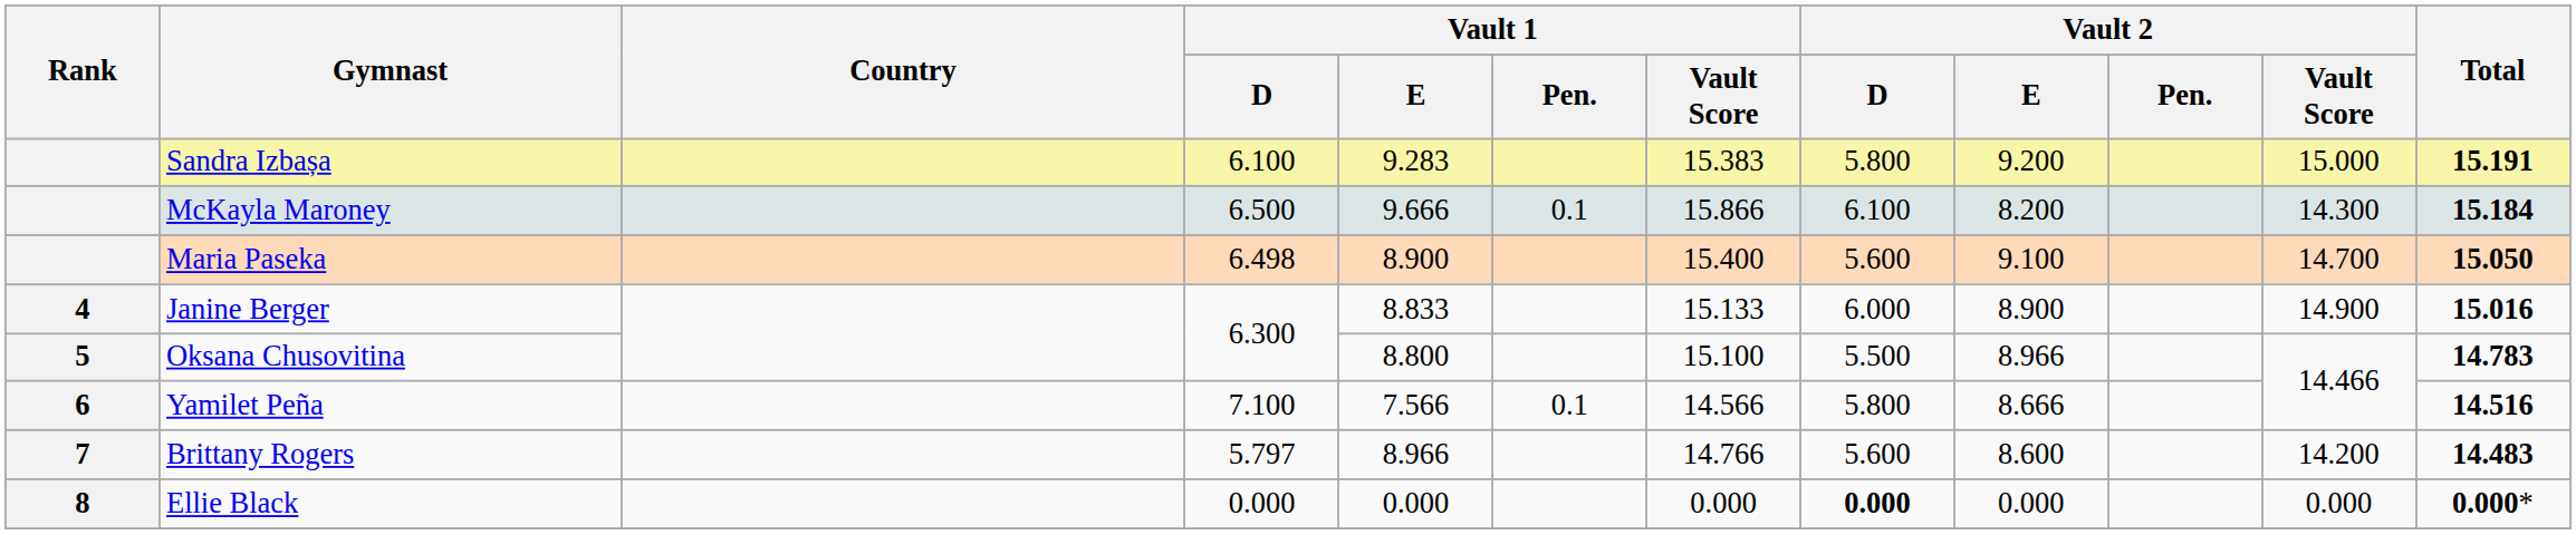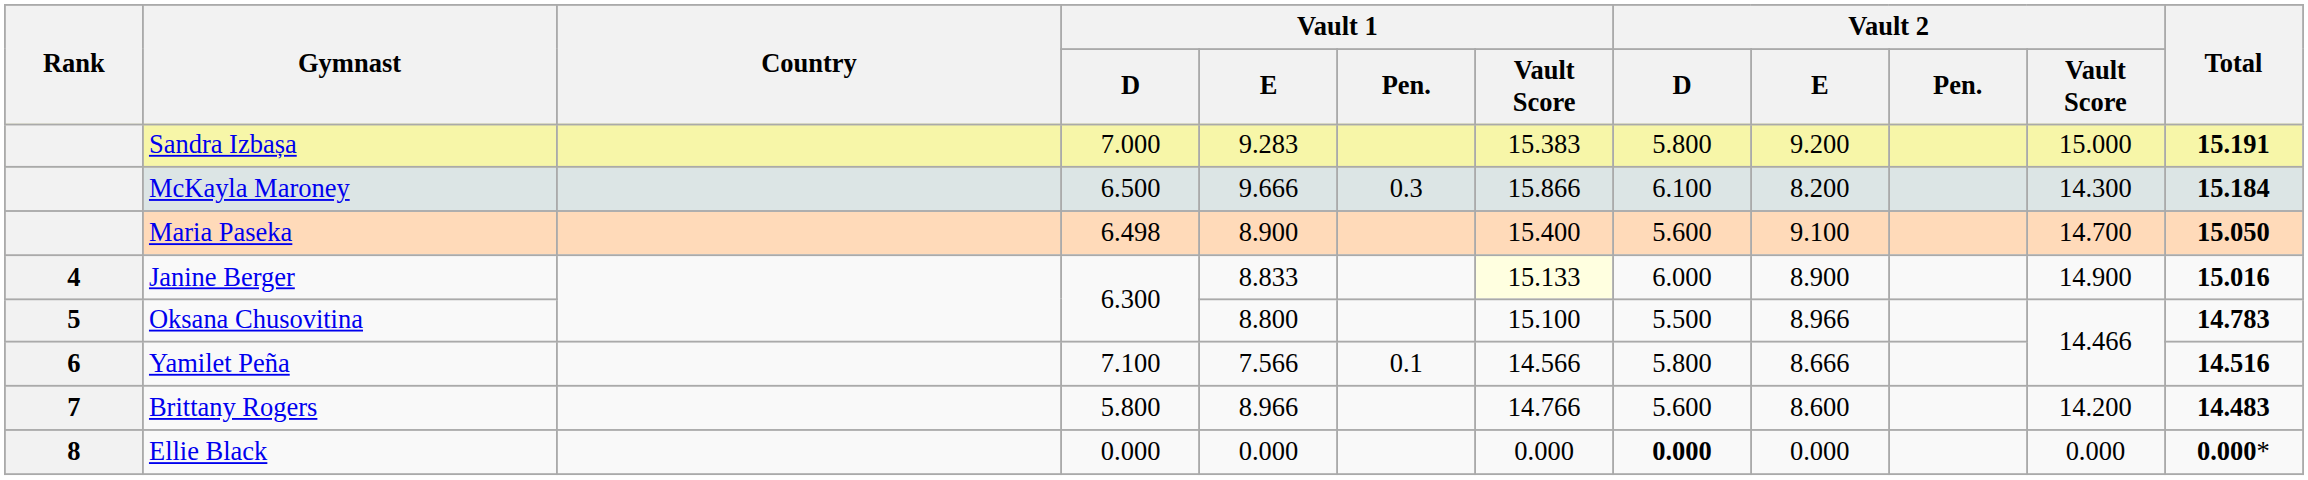 <table class="wikitable sortable" style="text-align:center; font-size:90%;">
 <tr>
 <th rowspan="2" width="6%">Rank</th>
 <th rowspan="2" width="18%">Gymnast</th>
 <th rowspan="2" width="22%">Country</th>
 <th colspan="4" width="24%">Vault 1</th>
 <th colspan="4" width="24%">Vault 2</th>
 <th rowspan="2" width="6%">Total</th>
 </tr>
 <tr>
 <th width="6%">D</th>
 <th width="6%">E</th>
 <th class="unsortable" width="6%">Pen.</th>
 <th width="6%">Vault Score</th>
 <th width="6%">D</th>
 <th width="6%">E</th>
 <th class="unsortable" width="6%">Pen.</th>
 <th width="6%">Vault Score</th>
 </tr>
 <tr style="background:#F7F6A8;">
 <th></th>
 <td align="left"><a href='#'>Sandra Izbașa</a></td>
 <td align="left"></td>
-<td>6.100</td>
+<td>7.000</td>
 <td>9.283</td>
 <td></td>
 <td>15.383</td>
 <td>5.800</td>
 <td>9.200</td>
 <td></td>
 <td>15.000</td>
 <td><strong>15.191</strong></td>
 </tr>
 <tr style="background:#DCE5E5;">
 <th></th>
 <td align="left"><a href='#'>McKayla Maroney</a></td>
 <td align="left"></td>
 <td>6.500</td>
 <td>9.666</td>
-<td>0.1</td>
+<td>0.3</td>
 <td>15.866</td>
 <td>6.100</td>
 <td>8.200</td>
 <td></td>
 <td>14.300</td>
 <td><strong>15.184</strong></td>
 </tr>
 <tr style="background:#FFDAB9;">
 <th></th>
 <td align="left"><a href='#'>Maria Paseka</a></td>
 <td align="left"></td>
 <td>6.498</td>
 <td>8.900</td>
 <td></td>
 <td>15.400</td>
 <td>5.600</td>
 <td>9.100</td>
 <td></td>
 <td>14.700</td>
 <td><strong>15.050</strong></td>
 </tr>
 <tr>
 <th>4</th>
 <td align="left"><a href='#'>Janine Berger</a></td>
 <td align="left" rowspan="2"></td>
 <td rowspan="2">6.300</td>
 <td>8.833</td>
 <td></td>
-<td>15.133</td>
+<td style="background: lightyellow;">15.133</td>
 <td>6.000</td>
 <td>8.900</td>
 <td></td>
 <td>14.900</td>
 <td><strong>15.016</strong></td>
 </tr>
 <tr>
 <th>5</th>
 <td align="left"><a href='#'>Oksana Chusovitina</a></td>
 <td>8.800</td>
 <td></td>
 <td>15.100</td>
 <td>5.500</td>
 <td>8.966</td>
 <td></td>
 <td rowspan="2'">14.466</td>
 <td><strong>14.783</strong></td>
 </tr>
 <tr>
 <th>6</th>
 <td align="left"><a href='#'>Yamilet Peña</a></td>
 <td align="left"></td>
 <td>7.100</td>
 <td>7.566</td>
 <td>0.1</td>
 <td>14.566</td>
 <td>5.800</td>
 <td>8.666</td>
 <td></td>
 <td><strong>14.516</strong></td>
 </tr>
 <tr>
 <th>7</th>
 <td align="left"><a href='#'>Brittany Rogers</a></td>
 <td align="left"></td>
-<td>5.797</td>
+<td>5.800</td>
 <td>8.966</td>
 <td></td>
 <td>14.766</td>
 <td>5.600</td>
 <td>8.600</td>
 <td></td>
 <td>14.200</td>
 <td><strong>14.483</strong></td>
 </tr>
 <tr>
 <th>8</th>
 <td align="left"><a href='#'>Ellie Black</a></td>
 <td align="left"></td>
 <td>0.000</td>
 <td>0.000</td>
 <td></td>
 <td>0.000</td>
 <td><strong>0.000</strong></td>
 <td>0.000</td>
 <td></td>
 <td>0.000</td>
 <td><strong>0.000</strong>*</td>
 </tr>
 </table>
